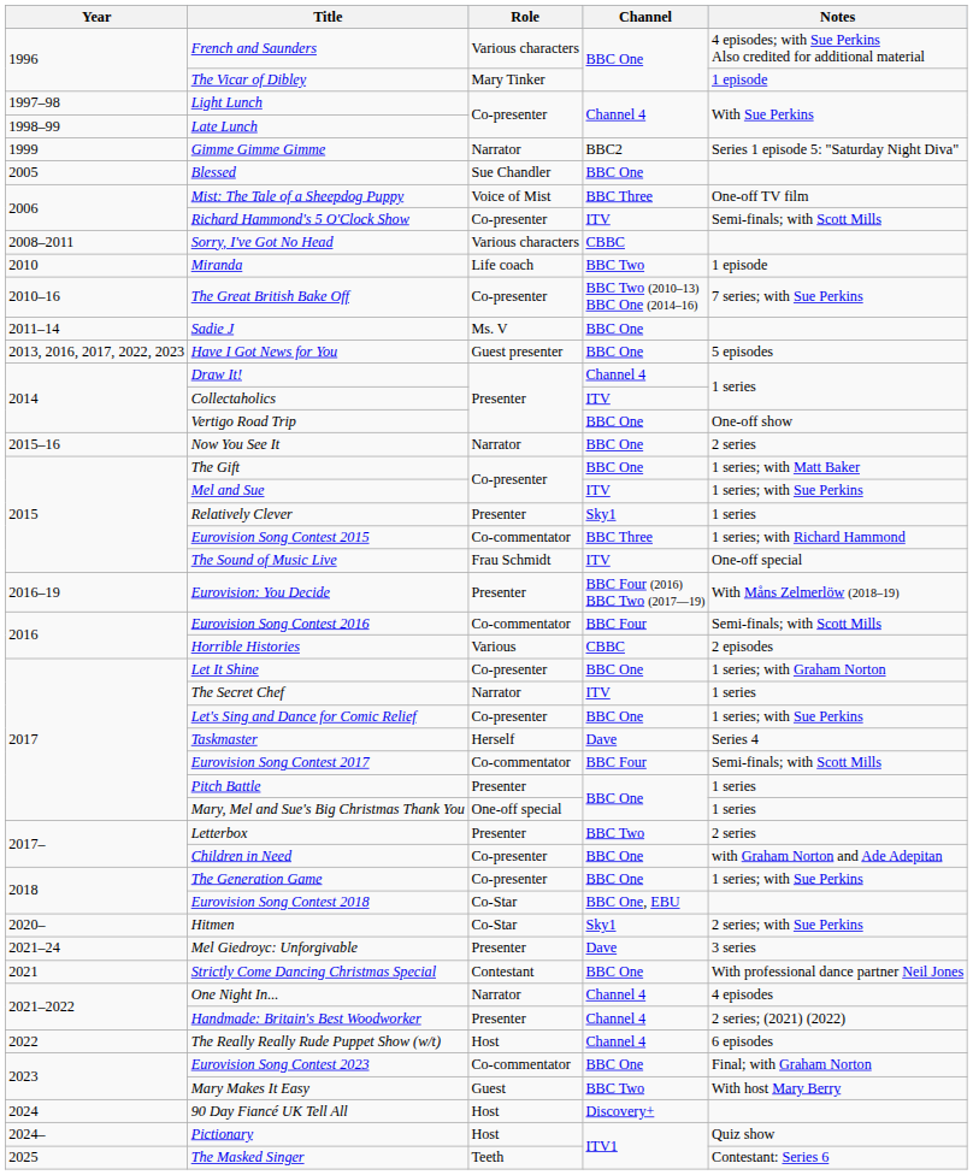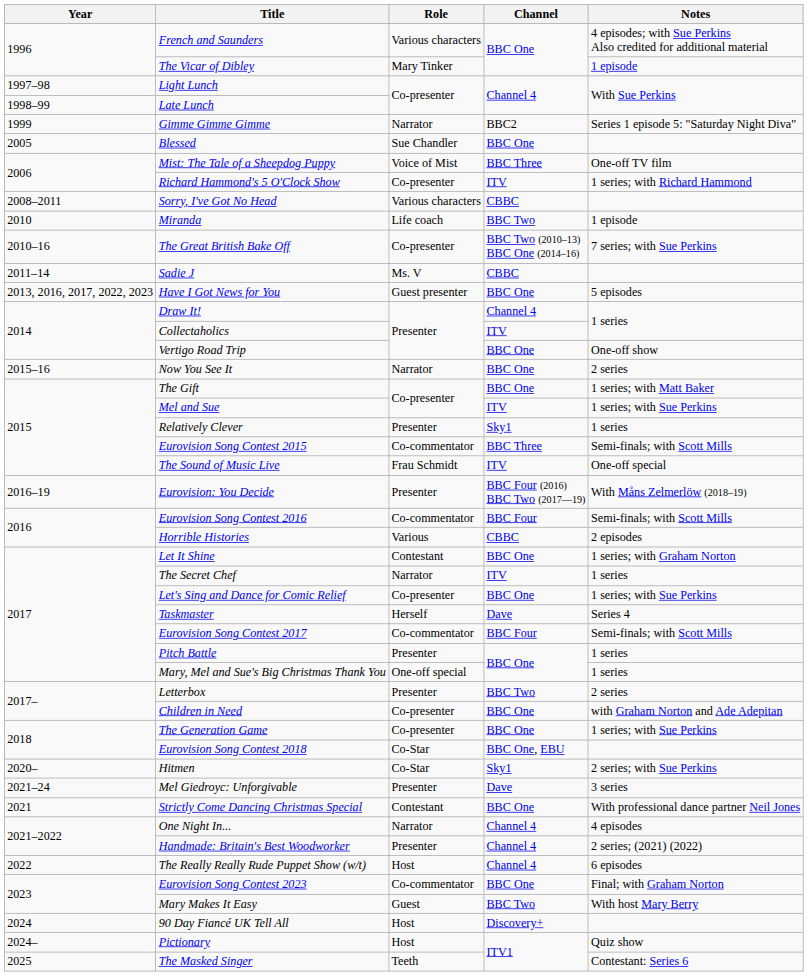 <table class="wikitable">
 <tr style="background:#b0c4de; text-align:center;">
 <th>Year</th>
 <th>Title</th>
 <th>Role</th>
 <th>Channel</th>
 <th>Notes</th>
 </tr>
 <tr>
 <td rowspan=2>1996</td>
 <td><em><a href='#'>French and Saunders</a></em></td>
 <td>Various characters</td>
 <td rowspan=2><a href='#'>BBC One</a></td>
 <td>4 episodes; with <a href='#'>Sue Perkins</a><br>Also credited for additional material</td>
 </tr>
 <tr>
 <td><em><a href='#'>The Vicar of Dibley</a></em></td>
 <td>Mary Tinker</td>
 <td><a href='#'>1 episode</a></td>
 </tr>
 <tr>
 <td>1997–98</td>
 <td><em><a href='#'>Light Lunch</a></em></td>
 <td rowspan=2>Co-presenter</td>
 <td rowspan=2><a href='#'>Channel 4</a></td>
 <td rowspan="2">With <a href='#'>Sue Perkins</a></td>
 </tr>
 <tr>
 <td>1998–99</td>
 <td><em><a href='#'>Late Lunch</a></em></td>
 </tr>
 <tr>
 <td>1999</td>
 <td><em><a href='#'>Gimme Gimme Gimme</a></em></td>
 <td>Narrator</td>
 <td>BBC2</td>
 <td>Series 1 episode 5: "Saturday Night Diva"</td>
 </tr>
 <tr>
 <td>2005</td>
 <td><em><a href='#'>Blessed</a></em></td>
 <td>Sue Chandler</td>
 <td><a href='#'>BBC One</a></td>
 <td></td>
 </tr>
 <tr>
 <td rowspan=2>2006</td>
 <td><em><a href='#'>Mist: The Tale of a Sheepdog Puppy</a></em></td>
 <td>Voice of Mist</td>
 <td><a href='#'>BBC Three</a></td>
 <td>One-off TV film</td>
 </tr>
 <tr>
 <td><em><a href='#'>Richard Hammond's 5 O'Clock Show</a></em></td>
 <td>Co-presenter</td>
 <td><a href='#'>ITV</a></td>
-<td>Semi-finals; with <a href='#'>Scott Mills</a></td>
+<td>1 series; with <a href='#'>Richard Hammond</a></td>
 </tr>
 <tr>
 <td>2008–2011</td>
 <td><em><a href='#'>Sorry, I've Got No Head</a></em></td>
 <td>Various characters</td>
 <td><a href='#'>CBBC</a></td>
 <td></td>
 </tr>
 <tr>
 <td>2010</td>
 <td><em><a href='#'>Miranda</a></em></td>
 <td>Life coach</td>
 <td><a href='#'>BBC Two</a></td>
 <td>1 episode</td>
 </tr>
 <tr>
 <td>2010–16</td>
 <td><em><a href='#'>The Great British Bake Off</a></em></td>
 <td>Co-presenter</td>
 <td><a href='#'>BBC Two</a> <small>(2010–13)</small><br><a href='#'>BBC One</a> <small>(2014–16)</small></td>
 <td>7 series; with <a href='#'>Sue Perkins</a></td>
 </tr>
 <tr>
 <td>2011–14</td>
 <td><em><a href='#'>Sadie J</a></em></td>
 <td>Ms. V</td>
-<td><a href='#'>BBC One</a></td>
+<td><a href='#'>CBBC</a></td>
 <td></td>
 </tr>
 <tr>
 <td>2013, 2016, 2017, 2022, 2023</td>
 <td><em><a href='#'>Have I Got News for You</a></em></td>
 <td>Guest presenter</td>
 <td><a href='#'>BBC One</a></td>
 <td>5 episodes</td>
 </tr>
 <tr>
 <td rowspan=3>2014</td>
 <td><em><a href='#'>Draw It!</a></em></td>
 <td rowspan=3>Presenter</td>
 <td><a href='#'>Channel 4</a></td>
 <td rowspan=2>1 series</td>
 </tr>
 <tr>
 <td><em>Collectaholics</em></td>
 <td><a href='#'>ITV</a></td>
 </tr>
 <tr>
 <td><em>Vertigo Road Trip</em></td>
 <td><a href='#'>BBC One</a></td>
 <td>One-off show</td>
 </tr>
 <tr>
 <td>2015–16</td>
 <td><em>Now You See It</em></td>
 <td>Narrator</td>
 <td><a href='#'>BBC One</a></td>
 <td>2 series</td>
 </tr>
 <tr>
 <td rowspan="5">2015</td>
 <td><em>The Gift</em></td>
 <td rowspan=2>Co-presenter</td>
 <td><a href='#'>BBC One</a></td>
 <td>1 series; with <a href='#'>Matt Baker</a></td>
 </tr>
 <tr>
 <td><em><a href='#'>Mel and Sue</a></em></td>
 <td><a href='#'>ITV</a></td>
 <td>1 series; with <a href='#'>Sue Perkins</a></td>
 </tr>
 <tr>
 <td><em>Relatively Clever</em></td>
 <td>Presenter</td>
 <td><a href='#'>Sky1</a></td>
 <td>1 series</td>
 </tr>
 <tr>
 <td><em><a href='#'>Eurovision Song Contest 2015</a></em></td>
 <td>Co-commentator</td>
 <td><a href='#'>BBC Three</a></td>
-<td>1 series; with <a href='#'>Richard Hammond</a></td>
+<td>Semi-finals; with <a href='#'>Scott Mills</a></td>
 </tr>
 <tr>
 <td><em><a href='#'>The Sound of Music Live</a></em></td>
 <td>Frau Schmidt</td>
 <td><a href='#'>ITV</a></td>
 <td>One-off special</td>
 </tr>
 <tr>
 <td>2016–19</td>
 <td><em><a href='#'>Eurovision: You Decide</a></em></td>
 <td>Presenter</td>
 <td><a href='#'>BBC Four</a> <small>(2016)</small><br><a href='#'>BBC Two</a> <small>(2017—19)</small></td>
 <td>With <a href='#'>Måns Zelmerlöw</a> <small>(2018–19)</small></td>
 </tr>
 <tr>
 <td rowspan=2>2016</td>
 <td><em><a href='#'>Eurovision Song Contest 2016</a></em></td>
 <td>Co-commentator</td>
 <td><a href='#'>BBC Four</a></td>
 <td>Semi-finals; with <a href='#'>Scott Mills</a></td>
 </tr>
 <tr>
 <td><em><a href='#'>Horrible Histories</a></em></td>
 <td>Various</td>
 <td><a href='#'>CBBC</a></td>
 <td>2 episodes</td>
 </tr>
 <tr>
 <td rowspan="7">2017</td>
 <td><em><a href='#'>Let It Shine</a></em></td>
-<td>Co-presenter</td>
+<td>Contestant</td>
 <td><a href='#'>BBC One</a></td>
 <td>1 series; with <a href='#'>Graham Norton</a></td>
 </tr>
 <tr>
 <td><em>The Secret Chef</em></td>
 <td>Narrator</td>
 <td><a href='#'>ITV</a></td>
 <td>1 series</td>
 </tr>
 <tr>
 <td><em><a href='#'>Let's Sing and Dance for Comic Relief</a></em></td>
 <td>Co-presenter</td>
 <td><a href='#'>BBC One</a></td>
 <td>1 series; with <a href='#'>Sue Perkins</a></td>
 </tr>
 <tr>
 <td><em><a href='#'>Taskmaster</a></em></td>
 <td>Herself</td>
 <td><a href='#'>Dave</a></td>
 <td>Series 4</td>
 </tr>
 <tr>
 <td><em><a href='#'>Eurovision Song Contest 2017</a></em></td>
 <td>Co-commentator</td>
 <td><a href='#'>BBC Four</a></td>
 <td>Semi-finals; with <a href='#'>Scott Mills</a></td>
 </tr>
 <tr>
 <td><em><a href='#'>Pitch Battle</a></em></td>
 <td>Presenter</td>
 <td rowspan=2><a href='#'>BBC One</a></td>
 <td>1 series</td>
 </tr>
 <tr>
 <td><em>Mary, Mel and Sue's Big Christmas Thank You</em></td>
 <td>One-off special</td>
 <td>1 series</td>
 </tr>
 <tr>
 <td rowspan="2">2017–</td>
 <td><em>Letterbox</em></td>
 <td>Presenter</td>
 <td><a href='#'>BBC Two</a></td>
 <td>2 series</td>
 </tr>
 <tr>
 <td><em><a href='#'>Children in Need</a></em></td>
 <td>Co-presenter</td>
 <td><a href='#'>BBC One</a></td>
 <td>with <a href='#'>Graham Norton</a> and <a href='#'>Ade Adepitan</a></td>
 </tr>
 <tr>
 <td rowspan=2>2018</td>
 <td><em><a href='#'>The Generation Game</a></em></td>
 <td>Co-presenter</td>
 <td><a href='#'>BBC One</a></td>
 <td>1 series; with <a href='#'>Sue Perkins</a></td>
 </tr>
 <tr>
 <td><em><a href='#'>Eurovision Song Contest 2018</a></em></td>
 <td>Co-Star</td>
 <td><a href='#'>BBC One</a>, <a href='#'>EBU</a></td>
 <td></td>
 </tr>
 <tr>
 <td>2020–</td>
 <td><em>Hitmen</em></td>
 <td>Co-Star</td>
 <td><a href='#'>Sky1</a></td>
 <td>2 series; with <a href='#'>Sue Perkins</a></td>
 </tr>
 <tr>
 <td>2021–24</td>
 <td><em>Mel Giedroyc: Unforgivable</em></td>
 <td>Presenter</td>
 <td><a href='#'>Dave</a></td>
 <td>3 series</td>
 </tr>
 <tr>
 <td>2021</td>
 <td><em><a href='#'>Strictly Come Dancing Christmas Special</a></em></td>
 <td>Contestant</td>
 <td><a href='#'>BBC One</a></td>
 <td>With professional dance partner <a href='#'>Neil Jones</a></td>
 </tr>
 <tr>
 <td rowspan=2>2021–2022</td>
 <td><em>One Night In...</em></td>
 <td>Narrator</td>
 <td><a href='#'>Channel 4</a></td>
 <td>4 episodes</td>
 </tr>
 <tr>
 <td><em><a href='#'>Handmade: Britain's Best Woodworker</a></em></td>
 <td>Presenter</td>
 <td><a href='#'>Channel 4</a></td>
 <td>2 series; (2021) (2022)</td>
 </tr>
 <tr>
 <td>2022</td>
 <td><em>The Really Really Rude Puppet Show (w/t)</em></td>
 <td>Host</td>
 <td><a href='#'>Channel 4</a></td>
 <td>6 episodes</td>
 </tr>
 <tr>
 <td rowspan="2">2023</td>
 <td><em><a href='#'>Eurovision Song Contest 2023</a></em></td>
 <td>Co-commentator</td>
 <td><a href='#'>BBC One</a></td>
 <td>Final; with <a href='#'>Graham Norton</a></td>
 </tr>
 <tr>
 <td><em>Mary Makes It Easy</em></td>
 <td>Guest</td>
 <td><a href='#'>BBC Two</a></td>
 <td>With host <a href='#'>Mary Berry</a></td>
 </tr>
 <tr>
 <td>2024</td>
 <td><em>90 Day Fiancé UK Tell All</em></td>
 <td>Host</td>
 <td><a href='#'>Discovery+</a></td>
 <td></td>
 </tr>
 <tr>
 <td>2024–</td>
 <td><em><a href='#'>Pictionary</a></em></td>
 <td>Host</td>
 <td rowspan="2'"><a href='#'>ITV1</a></td>
 <td>Quiz show</td>
 </tr>
 <tr>
 <td>2025</td>
 <td><em><a href='#'>The Masked Singer</a></em></td>
 <td>Teeth</td>
 <td>Contestant: <a href='#'>Series 6</a></td>
 </tr>
 </table>
